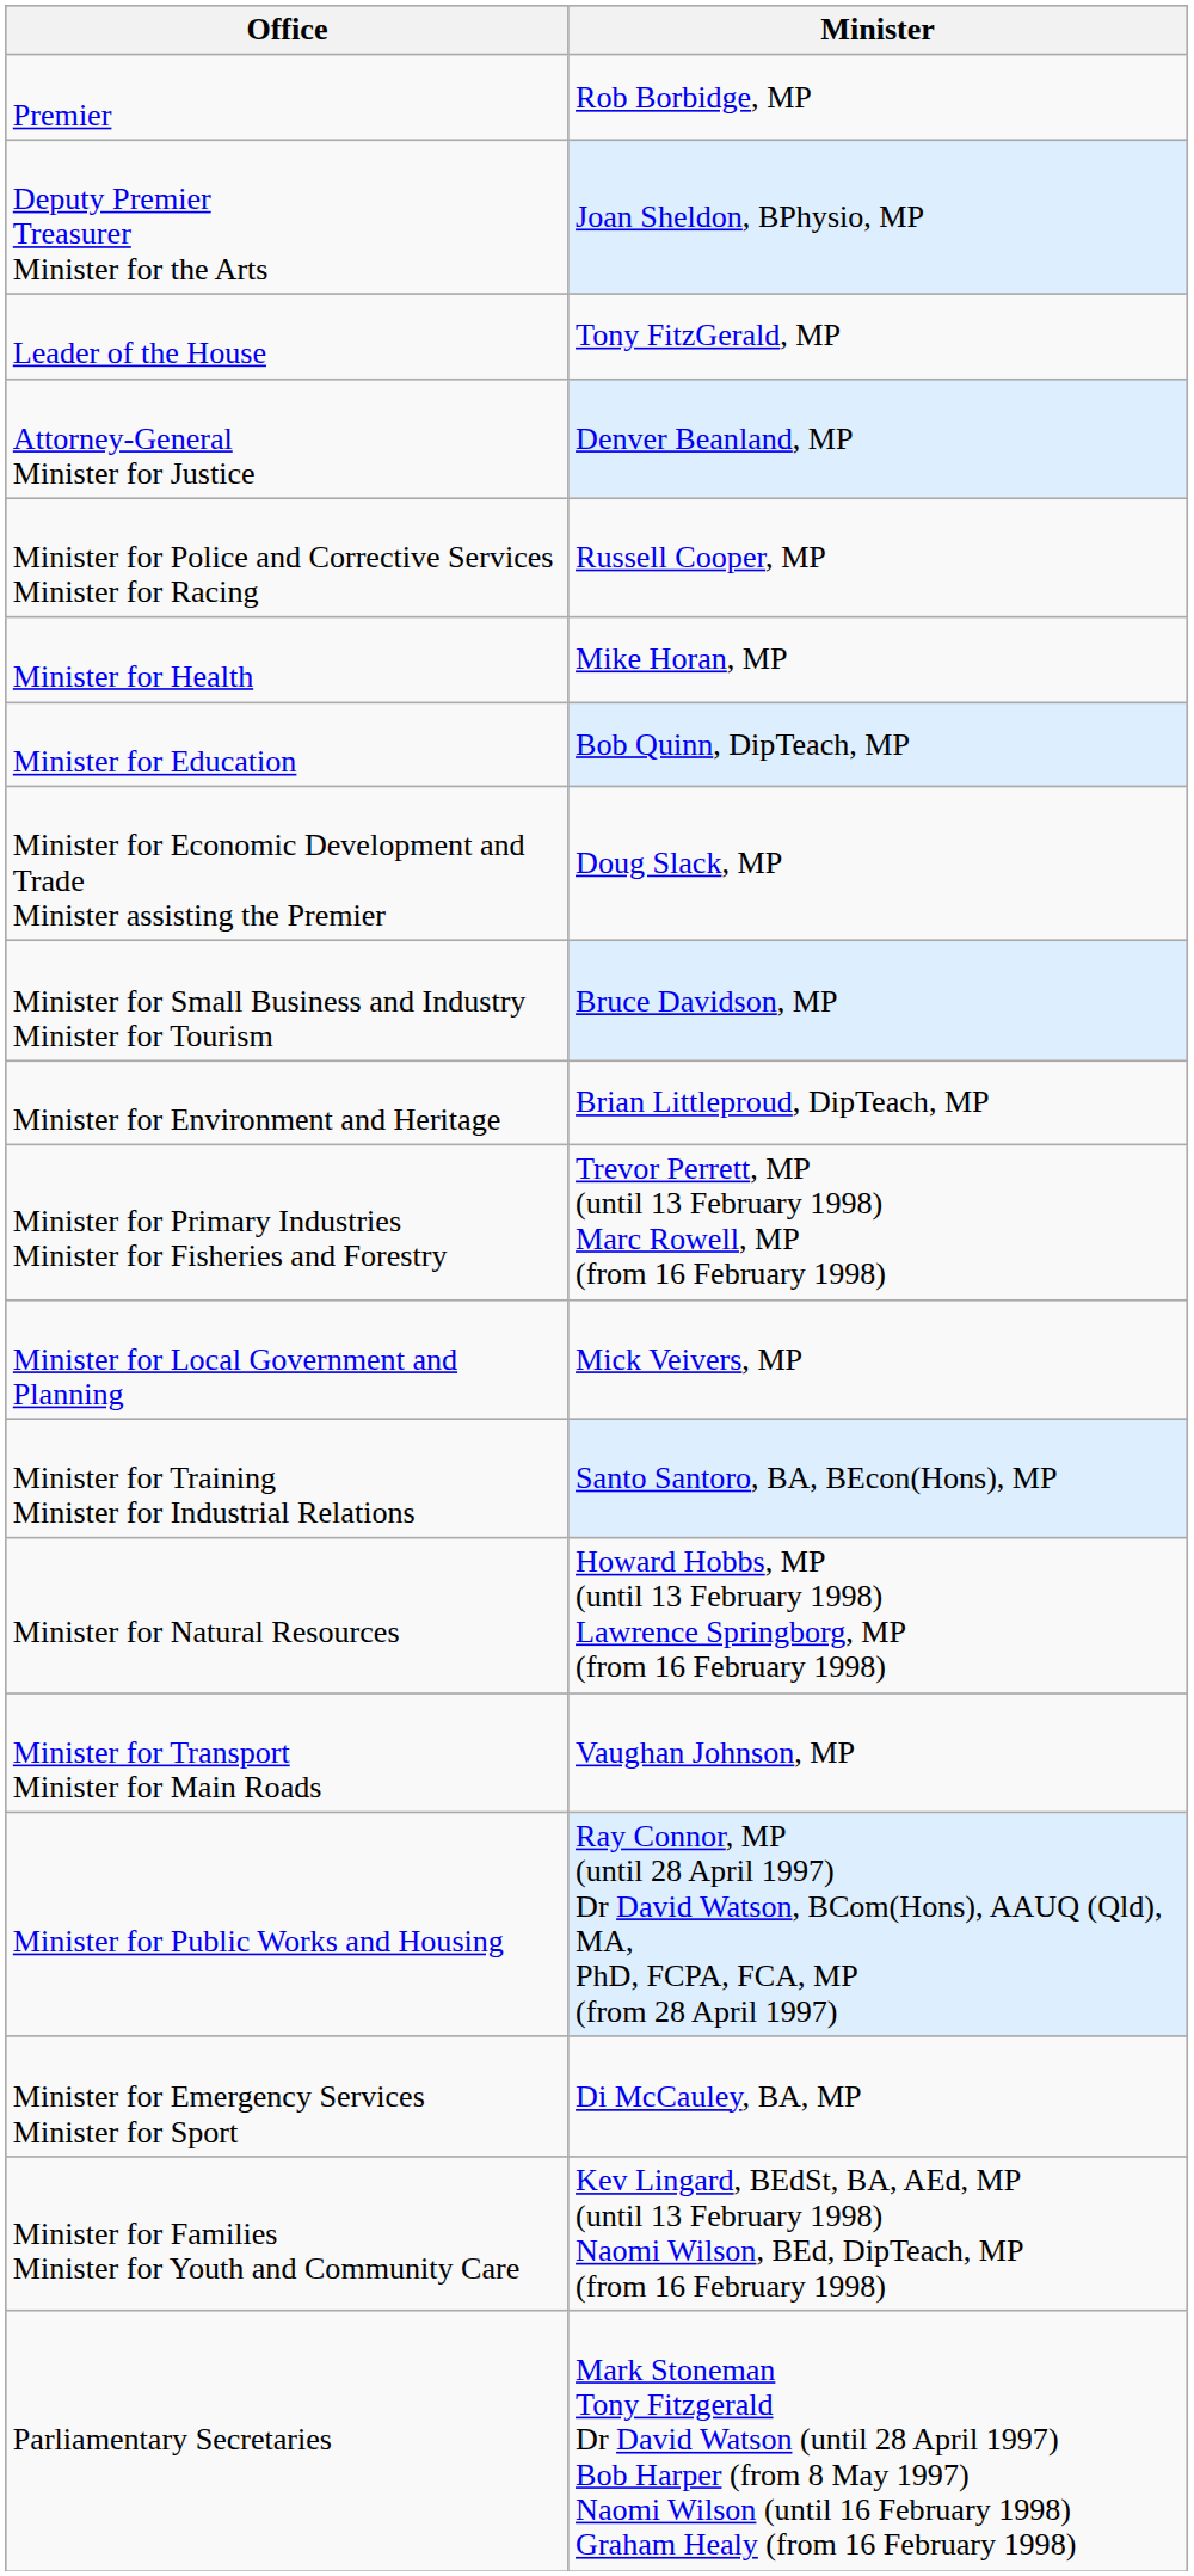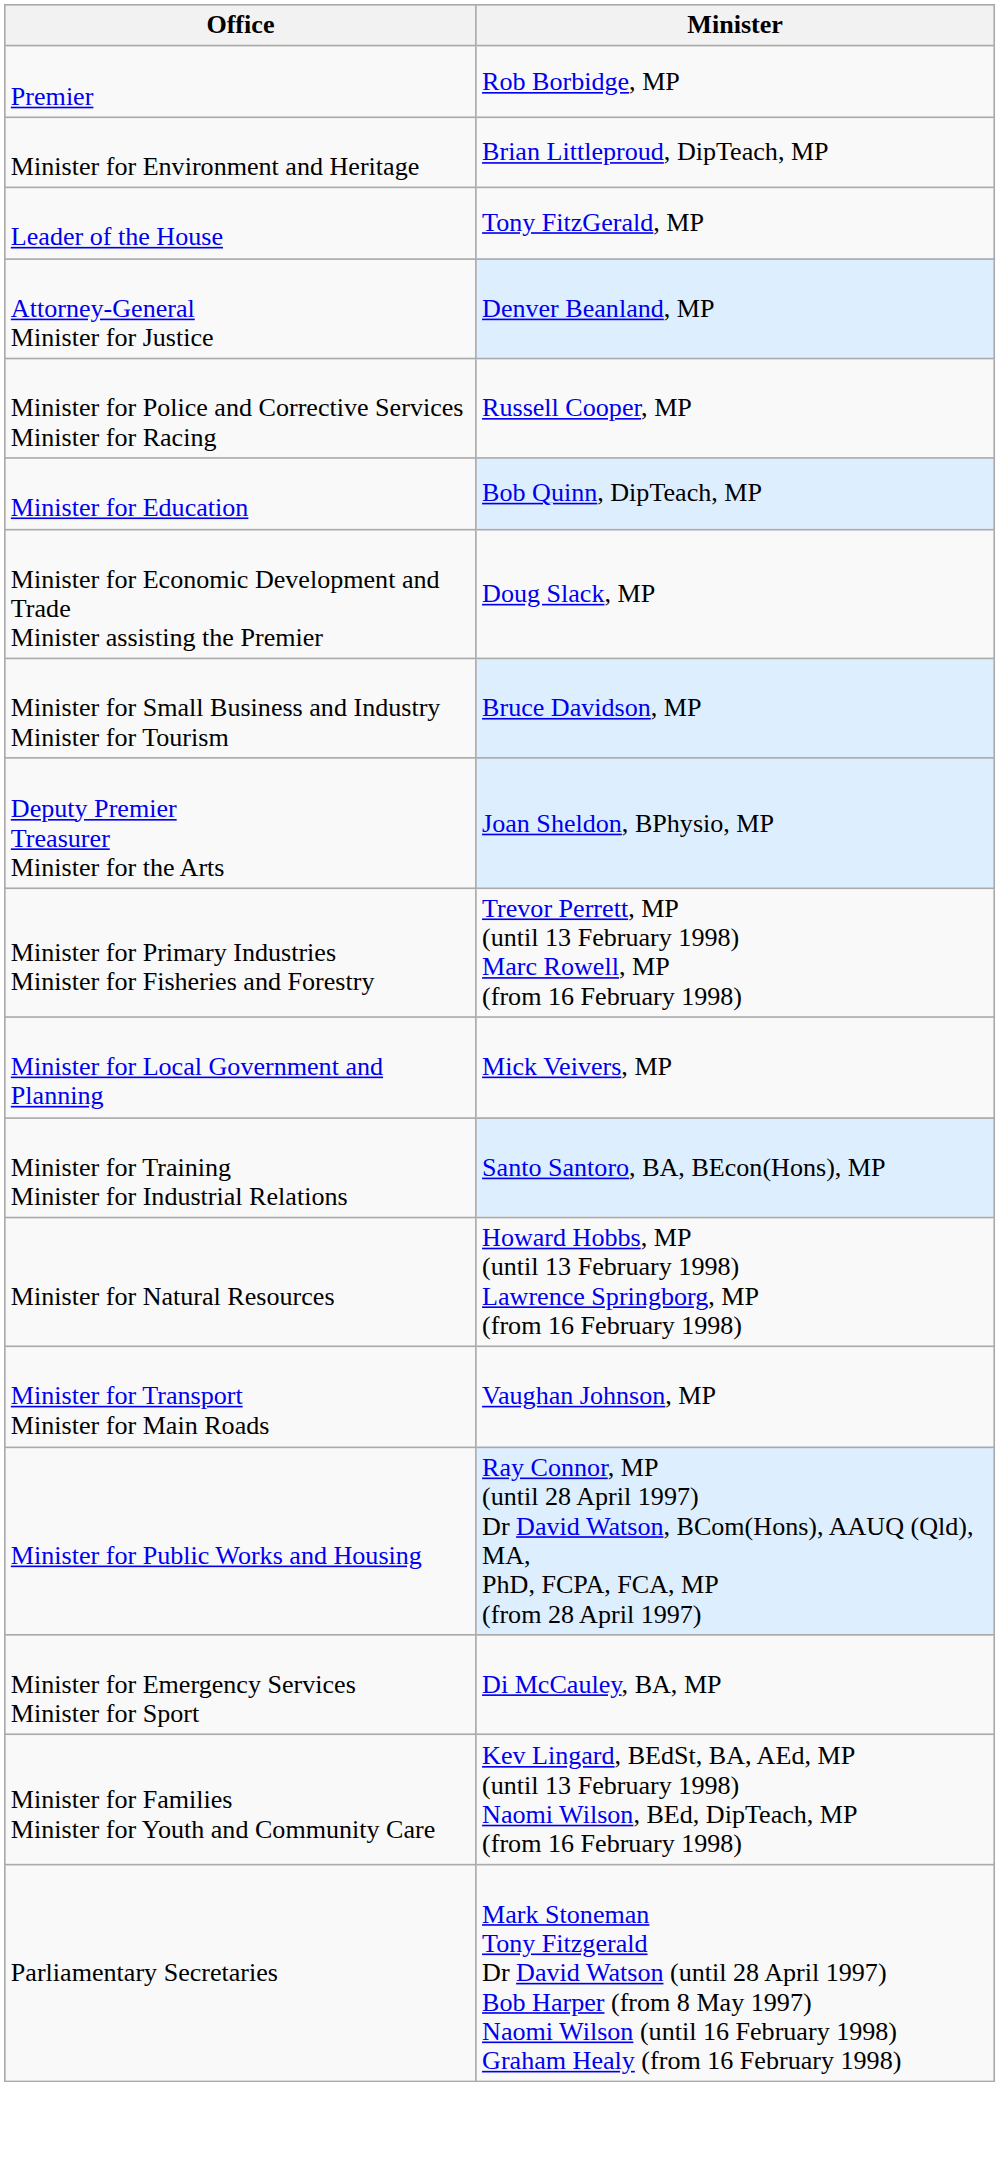 <table class="wikitable">
 <tr>
 <th>Office</th>
 <th>Minister</th>
 </tr>
 <tr>
 <td><br><a href='#'>Premier</a><br></td>
 <td><a href='#'>Rob Borbidge</a>, MP</td>
 </tr>
 <tr>
-<td><br><a href='#'>Deputy Premier</a><br> <a href='#'>Treasurer</a><br> Minister for the Arts<br></td>
-<td style="background:#DDEEFF"><a href='#'>Joan Sheldon</a>, BPhysio, MP</td>
+<td><br>Minister for Environment and Heritage<br></td>
+<td><a href='#'>Brian Littleproud</a>, DipTeach, MP</td>
 </tr>
 <tr>
 <td><br><a href='#'>Leader of the House</a></td>
 <td><a href='#'>Tony FitzGerald</a>, MP</td>
 </tr>
 <tr>
 <td><br><a href='#'>Attorney-General</a><br> Minister for Justice<br></td>
 <td style="background:#DDEEFF"><a href='#'>Denver Beanland</a>, MP</td>
 </tr>
 <tr>
 <td><br>Minister for Police and Corrective Services<br> Minister for Racing<br></td>
 <td><a href='#'>Russell Cooper</a>, MP</td>
 </tr>
 <tr>
-<td><br><a href='#'>Minister for Health</a><br></td>
-<td><a href='#'>Mike Horan</a>, MP</td>
-</tr>
-<tr>
 <td><br><a href='#'>Minister for Education</a><br></td>
 <td style="background:#DDEEFF"><a href='#'>Bob Quinn</a>, DipTeach, MP</td>
 </tr>
 <tr>
 <td><br>Minister for Economic Development and Trade<br>Minister assisting the Premier</td>
 <td><a href='#'>Doug Slack</a>, MP</td>
 </tr>
 <tr>
 <td><br>Minister for Small Business and Industry<br>Minister for Tourism<br></td>
 <td style="background:#DDEEFF"><a href='#'>Bruce Davidson</a>, MP</td>
 </tr>
 <tr>
-<td><br>Minister for Environment and Heritage<br></td>
-<td><a href='#'>Brian Littleproud</a>, DipTeach, MP</td>
+<td><br><a href='#'>Deputy Premier</a><br> <a href='#'>Treasurer</a><br> Minister for the Arts<br></td>
+<td style="background:#DDEEFF"><a href='#'>Joan Sheldon</a>, BPhysio, MP</td>
 </tr>
 <tr>
 <td><br>Minister for Primary Industries<br> Minister for Fisheries and Forestry<br></td>
 <td><a href='#'>Trevor Perrett</a>, MP<br>(until 13 February 1998)<br><a href='#'>Marc Rowell</a>, MP<br>(from 16 February 1998)</td>
 </tr>
 <tr>
 <td><br><a href='#'>Minister for Local Government and Planning</a><br></td>
 <td><a href='#'>Mick Veivers</a>, MP</td>
 </tr>
 <tr>
 <td><br>Minister for Training<br> Minister for Industrial Relations<br></td>
 <td style="background:#DDEEFF"><a href='#'>Santo Santoro</a>, BA, BEcon(Hons), MP</td>
 </tr>
 <tr>
 <td><br>Minister for Natural Resources<br></td>
 <td><a href='#'>Howard Hobbs</a>, MP<br>(until 13 February 1998)<br><a href='#'>Lawrence Springborg</a>, MP<br>(from 16 February 1998)</td>
 </tr>
 <tr>
 <td><br><a href='#'>Minister for Transport</a> <br> Minister for Main Roads<br></td>
 <td><a href='#'>Vaughan Johnson</a>, MP</td>
 </tr>
 <tr>
 <td><br><a href='#'>Minister for Public Works and Housing</a><br></td>
 <td style="background:#DDEEFF"><a href='#'>Ray Connor</a>, MP<br>(until 28 April 1997)<br>Dr <a href='#'>David Watson</a>, BCom(Hons), AAUQ (Qld), MA,<br>PhD, FCPA, FCA, MP<br>(from 28 April 1997)</td>
 </tr>
 <tr>
 <td><br>Minister for Emergency Services<br> Minister for Sport<br></td>
 <td><a href='#'>Di McCauley</a>, BA, MP</td>
 </tr>
 <tr>
 <td><br>Minister for Families<br> Minister for Youth and Community Care<br></td>
 <td><a href='#'>Kev Lingard</a>, BEdSt, BA, AEd, MP<br>(until 13 February 1998)<br><a href='#'>Naomi Wilson</a>, BEd, DipTeach, MP<br>(from 16 February 1998)</td>
 </tr>
 <tr>
 <td>Parliamentary Secretaries</td>
 <td><br><a href='#'>Mark Stoneman</a><br> <a href='#'>Tony Fitzgerald</a><br> Dr <a href='#'>David Watson</a> (until 28 April 1997)<br> <a href='#'>Bob Harper</a> (from 8 May 1997)<br> <a href='#'>Naomi Wilson</a> (until 16 February 1998)<br> <a href='#'>Graham Healy</a> (from 16 February 1998)<br></td>
 </tr>
 </table>
